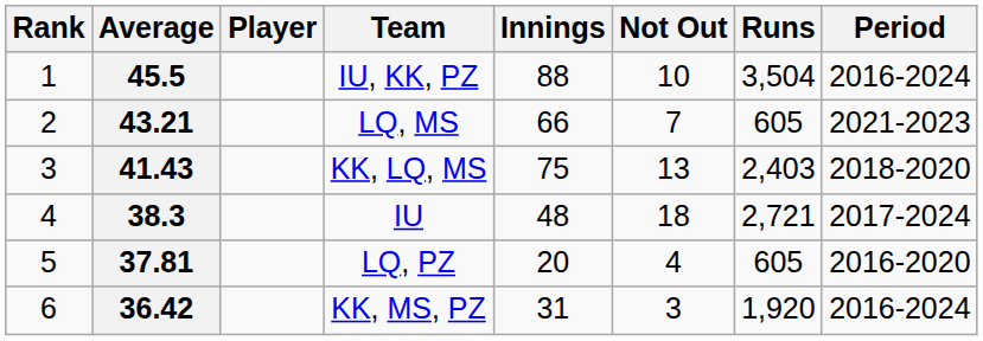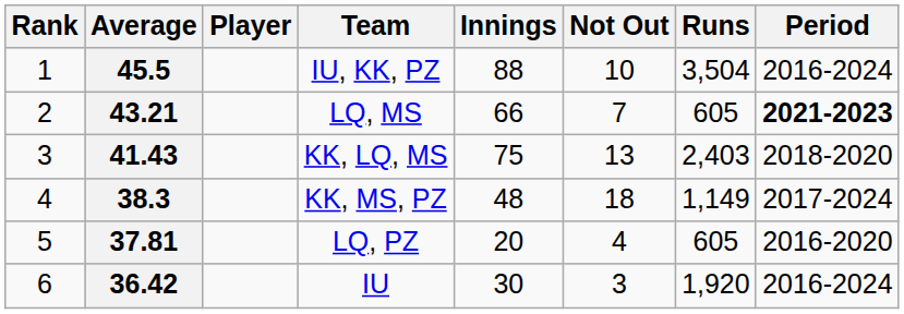 <table class="wikitable plainrowheaders sortable">
 <tr>
 <th>Rank</th>
 <th>Average</th>
 <th>Player</th>
 <th>Team</th>
 <th>Innings</th>
 <th>Not Out</th>
 <th>Runs</th>
 <th>Period</th>
 </tr>
 <tr>
 <td style="text-align:center;">1</td>
 <th scope="row" style="text-align:center;"><strong>45.5</strong></th>
 <td></td>
 <td style="text-align:center;"><a href='#'>IU</a>, <a href='#'>KK</a>, <a href='#'>PZ</a></td>
 <td style="text-align:center;">88</td>
 <td style="text-align:center;">10</td>
 <td style="text-align:center;">3,504</td>
 <td style="text-align:center;">2016-2024</td>
 </tr>
 <tr>
 <td align=center>2</td>
 <th scope=row style=text-align:center;><strong>43.21</strong></th>
 <td></td>
 <td align=center><a href='#'>LQ</a>, <a href='#'>MS</a></td>
 <td align=center>66</td>
 <td align=center>7</td>
 <td align=center>605</td>
-<td align=center>2021-2023</td>
+<td align=center><strong>2021-2023</strong></td>
 </tr>
 <tr>
 <td align=center>3</td>
 <th scope=row style=text-align:center;><strong>41.43</strong></th>
 <td></td>
 <td align=center><a href='#'>KK</a>, <a href='#'>LQ</a>, <a href='#'>MS</a></td>
 <td align=center>75</td>
 <td align=center>13</td>
 <td align=center>2,403</td>
 <td align=center>2018-2020</td>
 </tr>
 <tr>
 <td align=center>4</td>
 <th scope=row style=text-align:center;><strong>38.3</strong></th>
 <td></td>
-<td align=center><a href='#'>IU</a></td>
+<td align=center><a href='#'>KK</a>, <a href='#'>MS</a>, <a href='#'>PZ</a></td>
 <td align=center>48</td>
 <td align=center>18</td>
-<td align=center>2,721</td>
+<td align=center>1,149</td>
 <td align=center>2017-2024</td>
 </tr>
 <tr>
 <td align=center>5</td>
 <th scope=row style=text-align:center;><strong>37.81</strong></th>
 <td></td>
 <td align=center><a href='#'>LQ</a>, <a href='#'>PZ</a></td>
 <td align=center>20</td>
 <td align=center>4</td>
 <td align=center>605</td>
 <td align=center>2016-2020</td>
 </tr>
 <tr>
 <td align=center>6</td>
 <th scope=row style=text-align:center;><strong>36.42</strong></th>
 <td></td>
-<td align=center><a href='#'>KK</a>, <a href='#'>MS</a>, <a href='#'>PZ</a></td>
-<td style="text-align:center;">31</td>
+<td align=center><a href='#'>IU</a></td>
+<td style="text-align:center;">30</td>
 <td style="text-align:center">3</td>
 <td align=center>1,920</td>
 <td align=center>2016-2024</td>
 </tr>
 </table>
